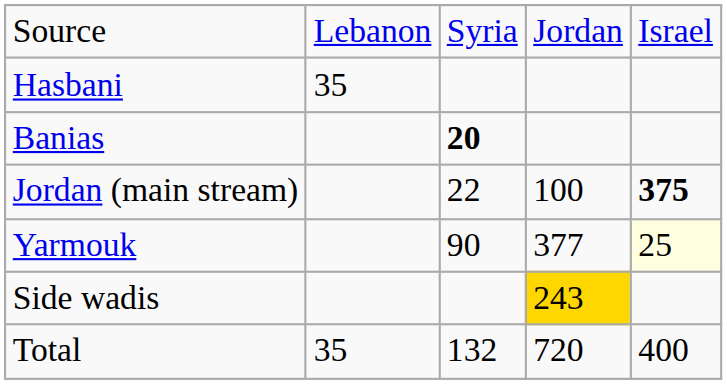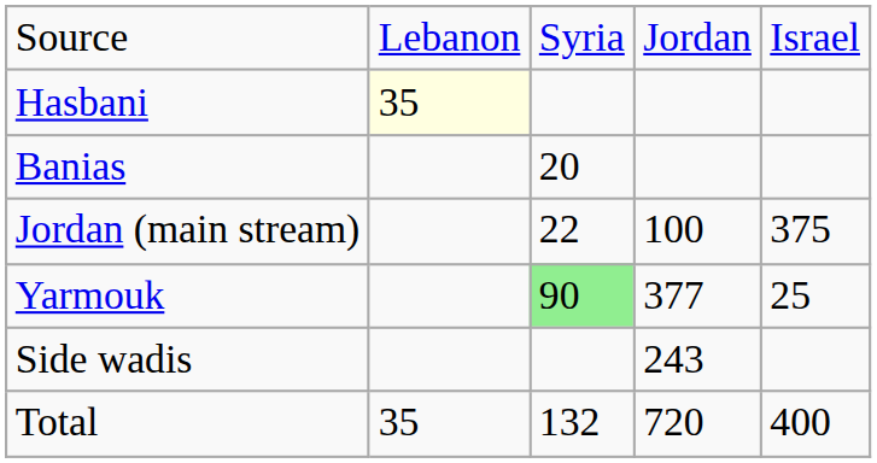 <table class="wikitable sortable">
 <tr>
 <td>Source</td>
 <td><a href='#'>Lebanon</a></td>
 <td><a href='#'>Syria</a></td>
 <td><a href='#'>Jordan</a></td>
 <td><a href='#'>Israel</a></td>
 </tr>
 <tr>
 <td><a href='#'>Hasbani</a></td>
-<td>35</td>
+<td style="background: lightyellow;">35</td>
 <td></td>
 <td></td>
 <td></td>
 </tr>
 <tr>
 <td><a href='#'>Banias</a></td>
 <td></td>
-<td><strong>20</strong></td>
+<td>20</td>
 <td></td>
 <td></td>
 </tr>
 <tr>
 <td><a href='#'>Jordan</a> (main stream)</td>
 <td></td>
 <td>22</td>
 <td>100</td>
-<td><strong>375</strong></td>
+<td>375</td>
 </tr>
 <tr>
 <td><a href='#'>Yarmouk</a></td>
 <td></td>
-<td>90</td>
+<td style="background: lightgreen;">90</td>
 <td>377</td>
-<td style="background: lightyellow;">25</td>
+<td>25</td>
 </tr>
 <tr>
 <td>Side wadis</td>
 <td></td>
 <td></td>
-<td style="background: gold;">243</td>
+<td>243</td>
 <td></td>
 </tr>
 <tr>
 <td>Total</td>
 <td>35</td>
 <td>132</td>
 <td>720</td>
 <td>400</td>
 </tr>
 </table>
